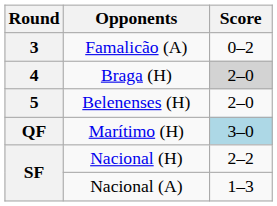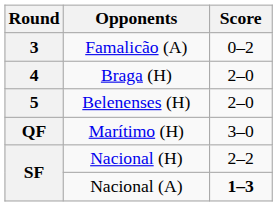 <table class="wikitable plainrowheaders" style="text-align:center;margin-left:1em;float:right">
 <tr>
 <th scope="col" style="width:25px;">Round</th>
 <th scope="col" style="width:125px;">Opponents</th>
 <th scope="col" style="width:50px;">Score</th>
 </tr>
 <tr>
 <th scope=row style="text-align:center">3</th>
 <td><a href='#'>Famalicão</a> (A)</td>
 <td>0–2</td>
 </tr>
 <tr>
 <th scope=row style="text-align:center">4</th>
 <td><a href='#'>Braga</a> (H)</td>
-<td style="background: lightgrey;">2–0</td>
+<td>2–0</td>
 </tr>
 <tr>
 <th scope=row style="text-align:center">5</th>
 <td><a href='#'>Belenenses</a> (H)</td>
 <td>2–0</td>
 </tr>
 <tr>
 <th scope=row style="text-align:center">QF</th>
 <td><a href='#'>Marítimo</a> (H)</td>
-<td style="background: lightblue;">3–0</td>
+<td>3–0</td>
 </tr>
 <tr>
 <th scope=row style="text-align:center" rowspan="2">SF</th>
 <td><a href='#'>Nacional</a> (H)</td>
 <td>2–2</td>
 </tr>
 <tr>
 <td>Nacional (A)</td>
-<td>1–3</td>
+<td><strong>1–3</strong></td>
 </tr>
 </table>
